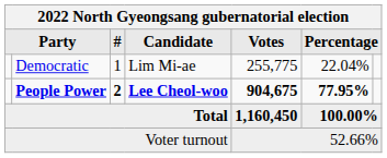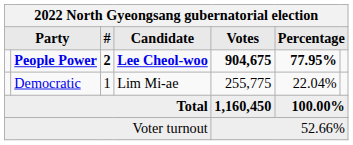 <table class="wikitable">
 <tr>
 <th colspan="7">2022 North Gyeongsang gubernatorial election</th>
 </tr>
 <tr>
 <th style="background-color:#E9E9E9" colspan=2>Party</th>
 <th style="background-color:#E9E9E9">#</th>
 <th style="background-color:#E9E9E9">Candidate</th>
 <th style="background-color:#E9E9E9">Votes</th>
 <th style="background-color:#E9E9E9" colspan=2>Percentage</th>
 </tr>
+<tr style="font-weight:bold">
+<td></td>
+<td align=left><a href='#'>People Power</a></td>
+<td align=center>2</td>
+<td align=left><a href='#'>Lee Cheol-woo</a></td>
+<td align=right>904,675</td>
+<td align=right>77.95%</td>
+<td align=right></td>
+</tr>
 <tr>
 <td></td>
 <td align=left><a href='#'>Democratic</a></td>
 <td align=center>1</td>
 <td align=left>Lim Mi-ae</td>
 <td align=right>255,775</td>
 <td align=right>22.04%</td>
-<td align=right></td>
-</tr>
-<tr style="font-weight:bold">
-<td></td>
-<td align=left><a href='#'>People Power</a></td>
-<td align=center>2</td>
-<td align=left><a href='#'>Lee Cheol-woo</a></td>
-<td align=right>904,675</td>
-<td align=right>77.95%</td>
 <td align=right></td>
 </tr>
 <tr bgcolor="#EEEEEE" style="font-weight:bold">
 <td colspan="4" align=right>Total</td>
 <td align=right>1,160,450</td>
 <td align=right colspan=2>100.00%</td>
 </tr>
 <tr bgcolor="#EEEEEE">
 <td colspan="4" align="right">Voter turnout</td>
 <td colspan="3" align="right">52.66%</td>
 </tr>
 </table>
